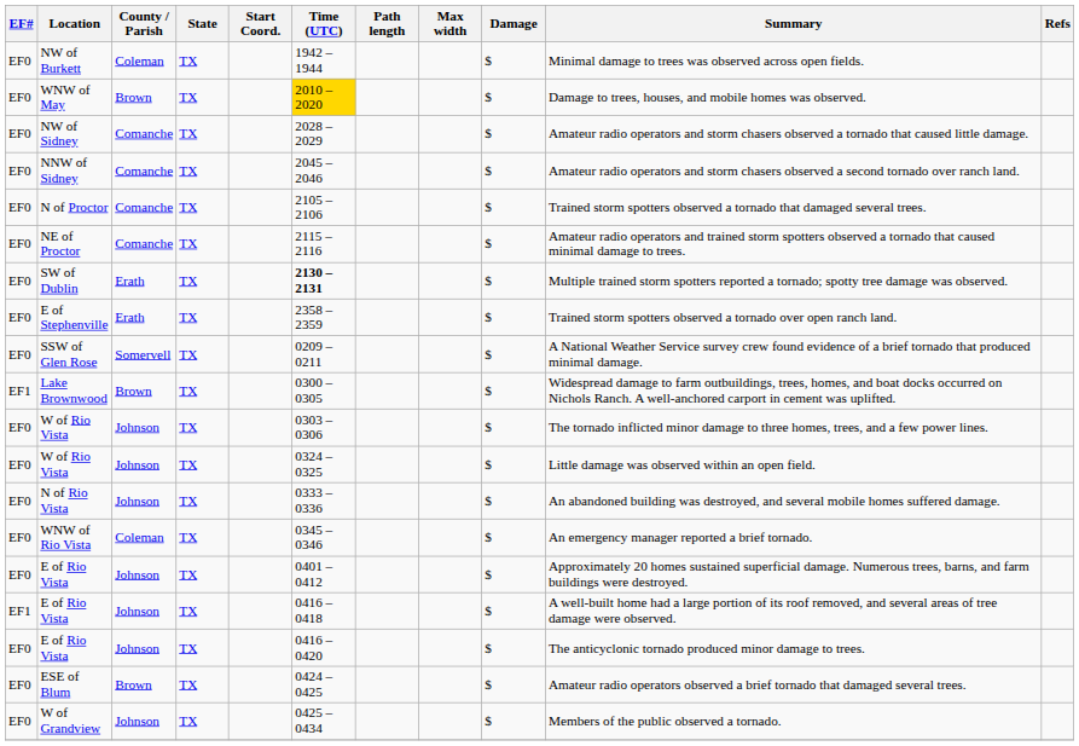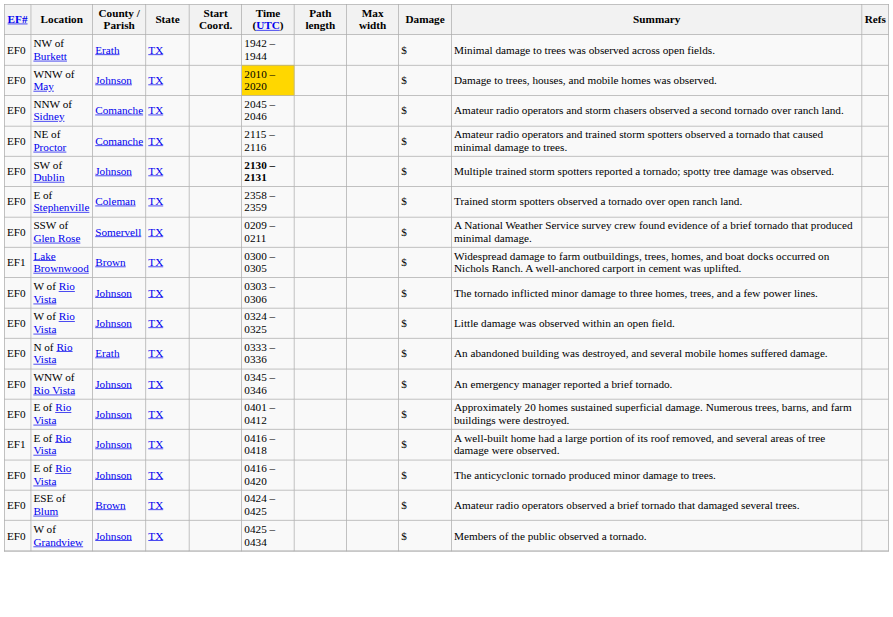 <table class="wikitable sortable" style="width:100%;">
 <tr>
 <th scope="col" width="3%" align="center"><a href='#'>EF#</a></th>
 <th scope="col" width="7%" align="center" class="unsortable">Location</th>
 <th scope="col" width="6%" align="center" class="unsortable">County / Parish</th>
 <th scope="col" width="5%" align="center">State</th>
 <th scope="col" width="6%" align="center">Start Coord.</th>
 <th scope="col" width="6%" align="center">Time (<a href='#'>UTC</a>)</th>
 <th scope="col" width="6%" align="center">Path length</th>
 <th scope="col" width="6%" align="center">Max width</th>
 <th scope="col" width="6%" align="center">Damage</th>
 <th scope="col" width="48%" class="unsortable" align="center">Summary</th>
 <th scope="col" width="48%" class="unsortable" align="center">Refs</th>
 </tr>
 <tr>
 <td>EF0</td>
 <td>NW of <a href='#'>Burkett</a></td>
-<td><a href='#'>Coleman</a></td>
+<td><a href='#'>Erath</a></td>
 <td><a href='#'>TX</a></td>
 <td></td>
 <td>1942 – 1944</td>
 <td></td>
 <td></td>
 <td>$</td>
 <td>Minimal damage to trees was observed across open fields.</td>
 <td></td>
 </tr>
 <tr>
 <td>EF0</td>
 <td>WNW of <a href='#'>May</a></td>
-<td><a href='#'>Brown</a></td>
+<td><a href='#'>Johnson</a></td>
 <td><a href='#'>TX</a></td>
 <td></td>
 <td style="background: gold;">2010 – 2020</td>
 <td></td>
 <td></td>
 <td>$</td>
 <td>Damage to trees, houses, and mobile homes was observed.</td>
-<td></td>
-</tr>
-<tr>
-<td>EF0</td>
-<td>NW of <a href='#'>Sidney</a></td>
-<td><a href='#'>Comanche</a></td>
-<td><a href='#'>TX</a></td>
-<td></td>
-<td>2028 – 2029</td>
-<td></td>
-<td></td>
-<td>$</td>
-<td>Amateur radio operators and storm chasers observed a tornado that caused little damage.</td>
 <td></td>
 </tr>
 <tr>
 <td>EF0</td>
 <td>NNW of <a href='#'>Sidney</a></td>
 <td><a href='#'>Comanche</a></td>
 <td><a href='#'>TX</a></td>
 <td></td>
 <td>2045 – 2046</td>
 <td></td>
 <td></td>
 <td>$</td>
 <td>Amateur radio operators and storm chasers observed a second tornado over ranch land.</td>
-<td></td>
-</tr>
-<tr>
-<td>EF0</td>
-<td>N of <a href='#'>Proctor</a></td>
-<td><a href='#'>Comanche</a></td>
-<td><a href='#'>TX</a></td>
-<td></td>
-<td>2105 – 2106</td>
-<td></td>
-<td></td>
-<td>$</td>
-<td>Trained storm spotters observed a tornado that damaged several trees.</td>
 <td></td>
 </tr>
 <tr>
 <td>EF0</td>
 <td>NE of <a href='#'>Proctor</a></td>
 <td><a href='#'>Comanche</a></td>
 <td><a href='#'>TX</a></td>
 <td></td>
 <td>2115 – 2116</td>
 <td></td>
 <td></td>
 <td>$</td>
 <td>Amateur radio operators and trained storm spotters observed a tornado that caused minimal damage to trees.</td>
 <td></td>
 </tr>
 <tr>
 <td>EF0</td>
 <td>SW of <a href='#'>Dublin</a></td>
-<td><a href='#'>Erath</a></td>
+<td><a href='#'>Johnson</a></td>
 <td><a href='#'>TX</a></td>
 <td></td>
 <td><strong>2130 – 2131</strong></td>
 <td></td>
 <td></td>
 <td>$</td>
 <td>Multiple trained storm spotters reported a tornado; spotty tree damage was observed.</td>
 <td></td>
 </tr>
 <tr>
 <td>EF0</td>
 <td>E of <a href='#'>Stephenville</a></td>
-<td><a href='#'>Erath</a></td>
+<td><a href='#'>Coleman</a></td>
 <td><a href='#'>TX</a></td>
 <td></td>
 <td>2358 – 2359</td>
 <td></td>
 <td></td>
 <td>$</td>
 <td>Trained storm spotters observed a tornado over open ranch land.</td>
 <td></td>
 </tr>
 <tr>
 <td>EF0</td>
 <td>SSW of <a href='#'>Glen Rose</a></td>
 <td><a href='#'>Somervell</a></td>
 <td><a href='#'>TX</a></td>
 <td></td>
 <td>0209 – 0211</td>
 <td></td>
 <td></td>
 <td>$</td>
 <td>A National Weather Service survey crew found evidence of a brief tornado that produced minimal damage.</td>
 <td></td>
 </tr>
 <tr>
 <td>EF1</td>
 <td><a href='#'>Lake Brownwood</a></td>
 <td><a href='#'>Brown</a></td>
 <td><a href='#'>TX</a></td>
 <td></td>
 <td>0300 – 0305</td>
 <td></td>
 <td></td>
 <td>$</td>
 <td>Widespread damage to farm outbuildings, trees, homes, and boat docks occurred on Nichols Ranch. A well-anchored carport in cement was uplifted.</td>
 <td></td>
 </tr>
 <tr>
 <td>EF0</td>
 <td>W of <a href='#'>Rio Vista</a></td>
 <td><a href='#'>Johnson</a></td>
 <td><a href='#'>TX</a></td>
 <td></td>
 <td>0303 – 0306</td>
 <td></td>
 <td></td>
 <td>$</td>
 <td>The tornado inflicted minor damage to three homes, trees, and a few power lines.</td>
 <td></td>
 </tr>
 <tr>
 <td>EF0</td>
 <td>W of <a href='#'>Rio Vista</a></td>
 <td><a href='#'>Johnson</a></td>
 <td><a href='#'>TX</a></td>
 <td></td>
 <td>0324 – 0325</td>
 <td></td>
 <td></td>
 <td>$</td>
 <td>Little damage was observed within an open field.</td>
 <td></td>
 </tr>
 <tr>
 <td>EF0</td>
 <td>N of <a href='#'>Rio Vista</a></td>
-<td><a href='#'>Johnson</a></td>
+<td><a href='#'>Erath</a></td>
 <td><a href='#'>TX</a></td>
 <td></td>
 <td>0333 – 0336</td>
 <td></td>
 <td></td>
 <td>$</td>
 <td>An abandoned building was destroyed, and several mobile homes suffered damage.</td>
 <td></td>
 </tr>
 <tr>
 <td>EF0</td>
 <td>WNW of <a href='#'>Rio Vista</a></td>
-<td><a href='#'>Coleman</a></td>
+<td><a href='#'>Johnson</a></td>
 <td><a href='#'>TX</a></td>
 <td></td>
 <td>0345 – 0346</td>
 <td></td>
 <td></td>
 <td>$</td>
 <td>An emergency manager reported a brief tornado.</td>
 <td></td>
 </tr>
 <tr>
 <td>EF0</td>
 <td>E of <a href='#'>Rio Vista</a></td>
 <td><a href='#'>Johnson</a></td>
 <td><a href='#'>TX</a></td>
 <td></td>
 <td>0401 – 0412</td>
 <td></td>
 <td></td>
 <td>$</td>
 <td>Approximately 20 homes sustained superficial damage. Numerous trees, barns, and farm buildings were destroyed.</td>
 <td></td>
 </tr>
 <tr>
 <td>EF1</td>
 <td>E of <a href='#'>Rio Vista</a></td>
 <td><a href='#'>Johnson</a></td>
 <td><a href='#'>TX</a></td>
 <td></td>
 <td>0416 – 0418</td>
 <td></td>
 <td></td>
 <td>$</td>
 <td>A well-built home had a large portion of its roof removed, and several areas of tree damage were observed.</td>
 <td></td>
 </tr>
 <tr>
 <td>EF0</td>
 <td>E of <a href='#'>Rio Vista</a></td>
 <td><a href='#'>Johnson</a></td>
 <td><a href='#'>TX</a></td>
 <td></td>
 <td>0416 – 0420</td>
 <td></td>
 <td></td>
 <td>$</td>
 <td>The anticyclonic tornado produced minor damage to trees.</td>
 <td></td>
 </tr>
 <tr>
 <td>EF0</td>
 <td>ESE of <a href='#'>Blum</a></td>
 <td><a href='#'>Brown</a></td>
 <td><a href='#'>TX</a></td>
 <td></td>
 <td>0424 – 0425</td>
 <td></td>
 <td></td>
 <td>$</td>
 <td>Amateur radio operators observed a brief tornado that damaged several trees.</td>
 <td></td>
 </tr>
 <tr>
 <td>EF0</td>
 <td>W of <a href='#'>Grandview</a></td>
 <td><a href='#'>Johnson</a></td>
 <td><a href='#'>TX</a></td>
 <td></td>
 <td>0425 – 0434</td>
 <td></td>
 <td></td>
 <td>$</td>
 <td>Members of the public observed a tornado.</td>
 <td></td>
 </tr>
 <tr>
 </tr>
 </table>
